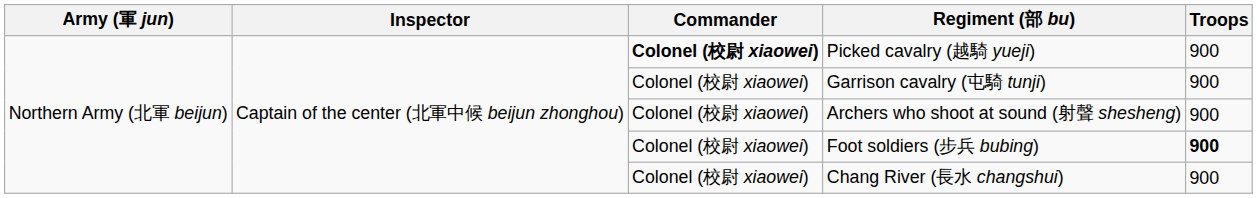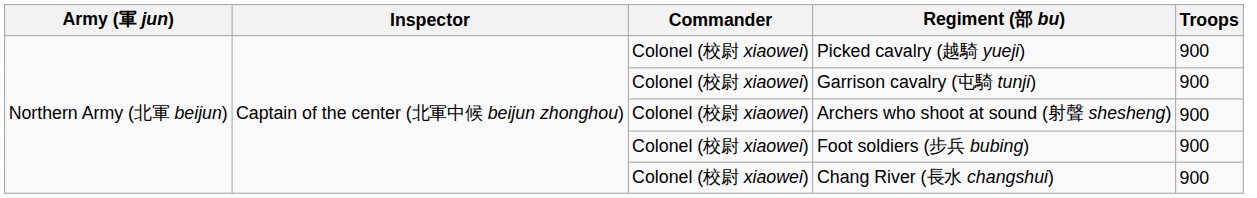 <table class="wikitable">
 <tr>
 <th>Army (軍 <em>jun</em>)</th>
 <th>Inspector</th>
 <th>Commander</th>
 <th>Regiment (部 <em>bu</em>)</th>
 <th>Troops</th>
 </tr>
 <tr>
 <td rowspan="5">Northern Army (北軍 <em>beijun</em>)</td>
 <td rowspan="5">Captain of the center (北軍中候 <em>beijun zhonghou</em>)</td>
-<td><strong>Colonel (校尉 <em>xiaowei</em>)</strong></td>
+<td>Colonel (校尉 <em>xiaowei</em>)</td>
 <td>Picked cavalry (越騎 <em>yueji</em>)</td>
 <td>900</td>
 </tr>
 <tr>
 <td>Colonel (校尉 <em>xiaowei</em>)</td>
 <td>Garrison cavalry (屯騎 <em>tunji</em>)</td>
 <td>900</td>
 </tr>
 <tr>
 <td>Colonel (校尉 <em>xiaowei</em>)</td>
 <td>Archers who shoot at sound (射聲 <em>shesheng</em>)</td>
 <td>900</td>
 </tr>
 <tr>
 <td>Colonel (校尉 <em>xiaowei</em>)</td>
 <td>Foot soldiers (步兵 <em>bubing</em>)</td>
-<td><strong>900</strong></td>
+<td>900</td>
 </tr>
 <tr>
 <td>Colonel (校尉 <em>xiaowei</em>)</td>
 <td>Chang River (長水 <em>changshui</em>)</td>
 <td>900</td>
 </tr>
 </table>
